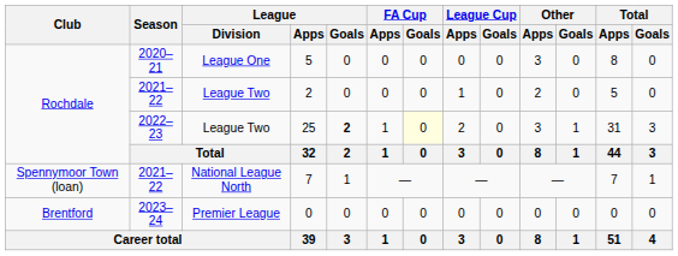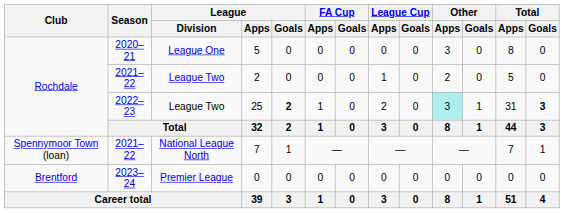 <table class="wikitable" style="text-align: center">
 <tr>
 <th rowspan="2">Club</th>
 <th rowspan="2">Season</th>
 <th colspan="3">League</th>
 <th colspan="2"><a href='#'>FA Cup</a></th>
 <th colspan="2"><a href='#'>League Cup</a></th>
 <th colspan="2">Other</th>
 <th colspan="2">Total</th>
 </tr>
 <tr>
 <th>Division</th>
 <th>Apps</th>
 <th>Goals</th>
 <th>Apps</th>
 <th>Goals</th>
 <th>Apps</th>
 <th>Goals</th>
 <th>Apps</th>
 <th>Goals</th>
 <th>Apps</th>
 <th>Goals</th>
 </tr>
 <tr>
 <td rowspan="4"><a href='#'>Rochdale</a></td>
 <td><a href='#'>2020–21</a></td>
 <td><a href='#'>League One</a></td>
 <td>5</td>
 <td>0</td>
 <td>0</td>
 <td>0</td>
 <td>0</td>
 <td>0</td>
 <td>3</td>
 <td>0</td>
 <td>8</td>
 <td>0</td>
 </tr>
 <tr>
 <td><a href='#'>2021–22</a></td>
 <td><a href='#'>League Two</a></td>
 <td>2</td>
 <td>0</td>
 <td>0</td>
 <td>0</td>
 <td>1</td>
 <td>0</td>
 <td>2</td>
 <td>0</td>
 <td>5</td>
 <td>0</td>
 </tr>
 <tr>
 <td><a href='#'>2022–23</a></td>
 <td>League Two</td>
 <td>25</td>
 <td><strong>2</strong></td>
 <td>1</td>
-<td style="background: lightyellow;">0</td>
+<td>0</td>
 <td>2</td>
 <td>0</td>
-<td>3</td>
+<td style="background: paleturquoise;">3</td>
 <td>1</td>
 <td>31</td>
-<td>3</td>
+<td><strong>3</strong></td>
 </tr>
 <tr>
 <th colspan="2">Total</th>
 <th>32</th>
 <th>2</th>
 <th>1</th>
 <th>0</th>
 <th>3</th>
 <th>0</th>
 <th>8</th>
 <th>1</th>
 <th>44</th>
 <th>3</th>
 </tr>
 <tr>
 <td><a href='#'>Spennymoor Town</a> (loan)</td>
 <td><a href='#'>2021–22</a></td>
 <td><a href='#'>National League North</a></td>
 <td>7</td>
 <td>1</td>
 <td colspan="2">—</td>
 <td colspan="2">—</td>
 <td colspan="2">—</td>
 <td>7</td>
 <td>1</td>
 </tr>
 <tr>
 <td><a href='#'>Brentford</a></td>
 <td><a href='#'>2023–24</a></td>
 <td><a href='#'>Premier League</a></td>
 <td>0</td>
 <td>0</td>
 <td>0</td>
 <td>0</td>
 <td>0</td>
 <td>0</td>
 <td>0</td>
 <td>0</td>
 <td>0</td>
 <td>0</td>
 </tr>
 <tr>
 <th colspan="3">Career total</th>
 <th>39</th>
 <th>3</th>
 <th>1</th>
 <th>0</th>
 <th>3</th>
 <th>0</th>
 <th>8</th>
 <th>1</th>
 <th>51</th>
 <th>4</th>
 </tr>
 </table>
